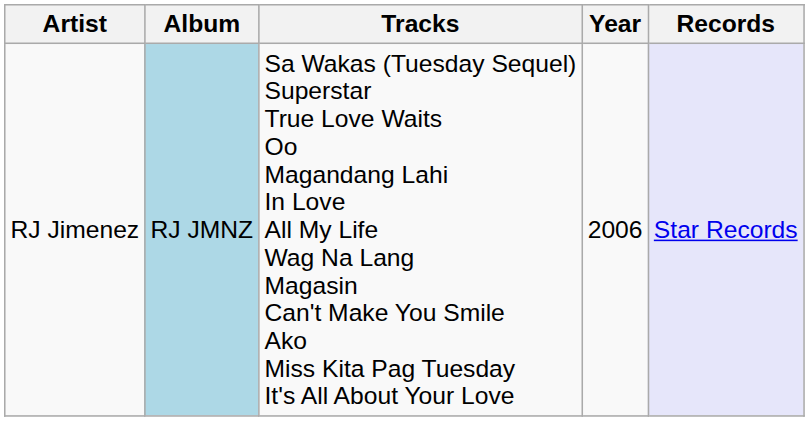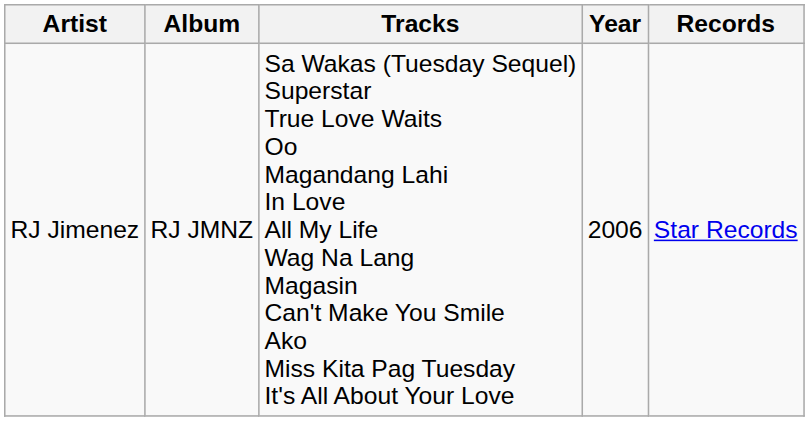 <table class="wikitable">
 <tr>
 <th>Artist</th>
 <th>Album</th>
 <th>Tracks</th>
 <th>Year</th>
 <th>Records</th>
 </tr>
 <tr>
 <td>RJ Jimenez</td>
-<td style="background: lightblue;">RJ JMNZ</td>
+<td>RJ JMNZ</td>
 <td>Sa Wakas (Tuesday Sequel) <br> Superstar <br> True Love Waits <br> Oo <br> Magandang Lahi <br> In Love <br> All My Life <br> Wag Na Lang <br> Magasin <br> Can't Make You Smile <br> Ako <br> Miss Kita Pag Tuesday <br> It's All About Your Love</td>
 <td>2006</td>
-<td style="background: lavender;"><a href='#'>Star Records</a></td>
+<td><a href='#'>Star Records</a></td>
 </tr>
 </table>
